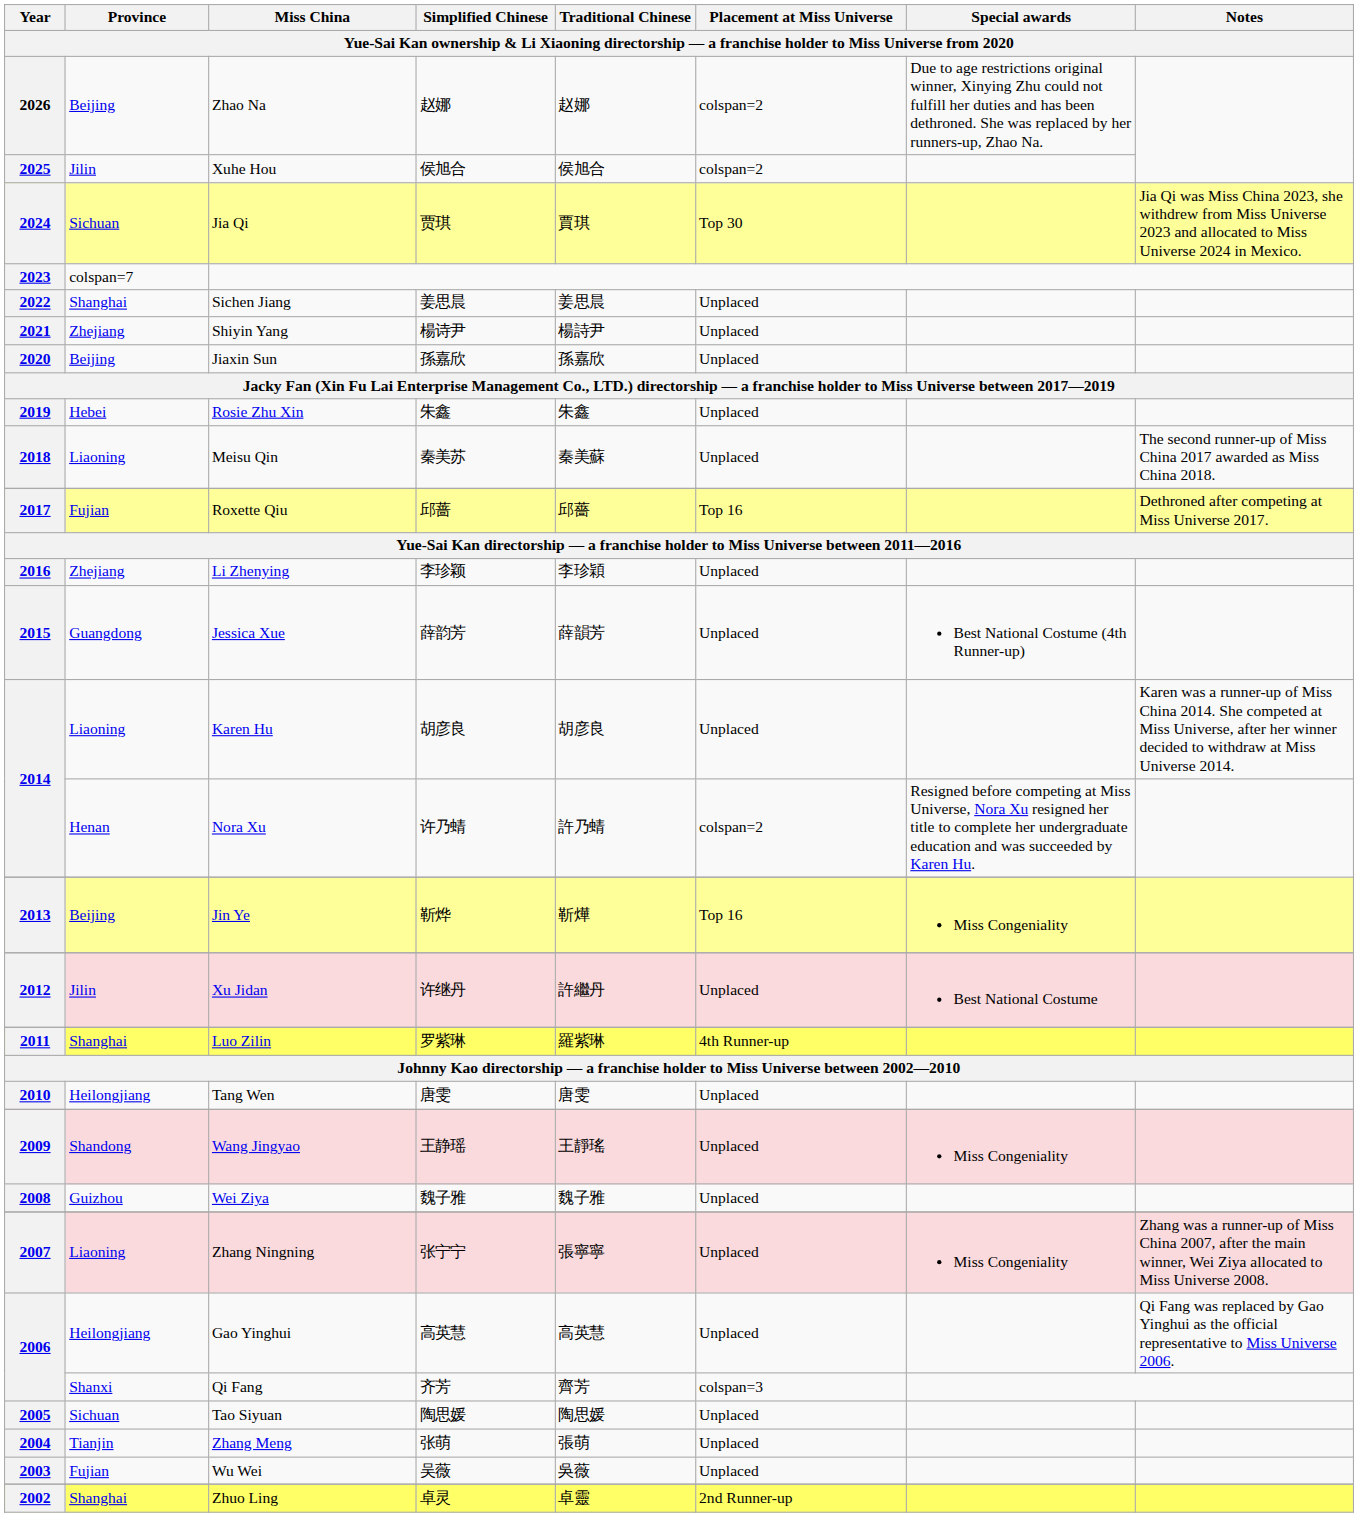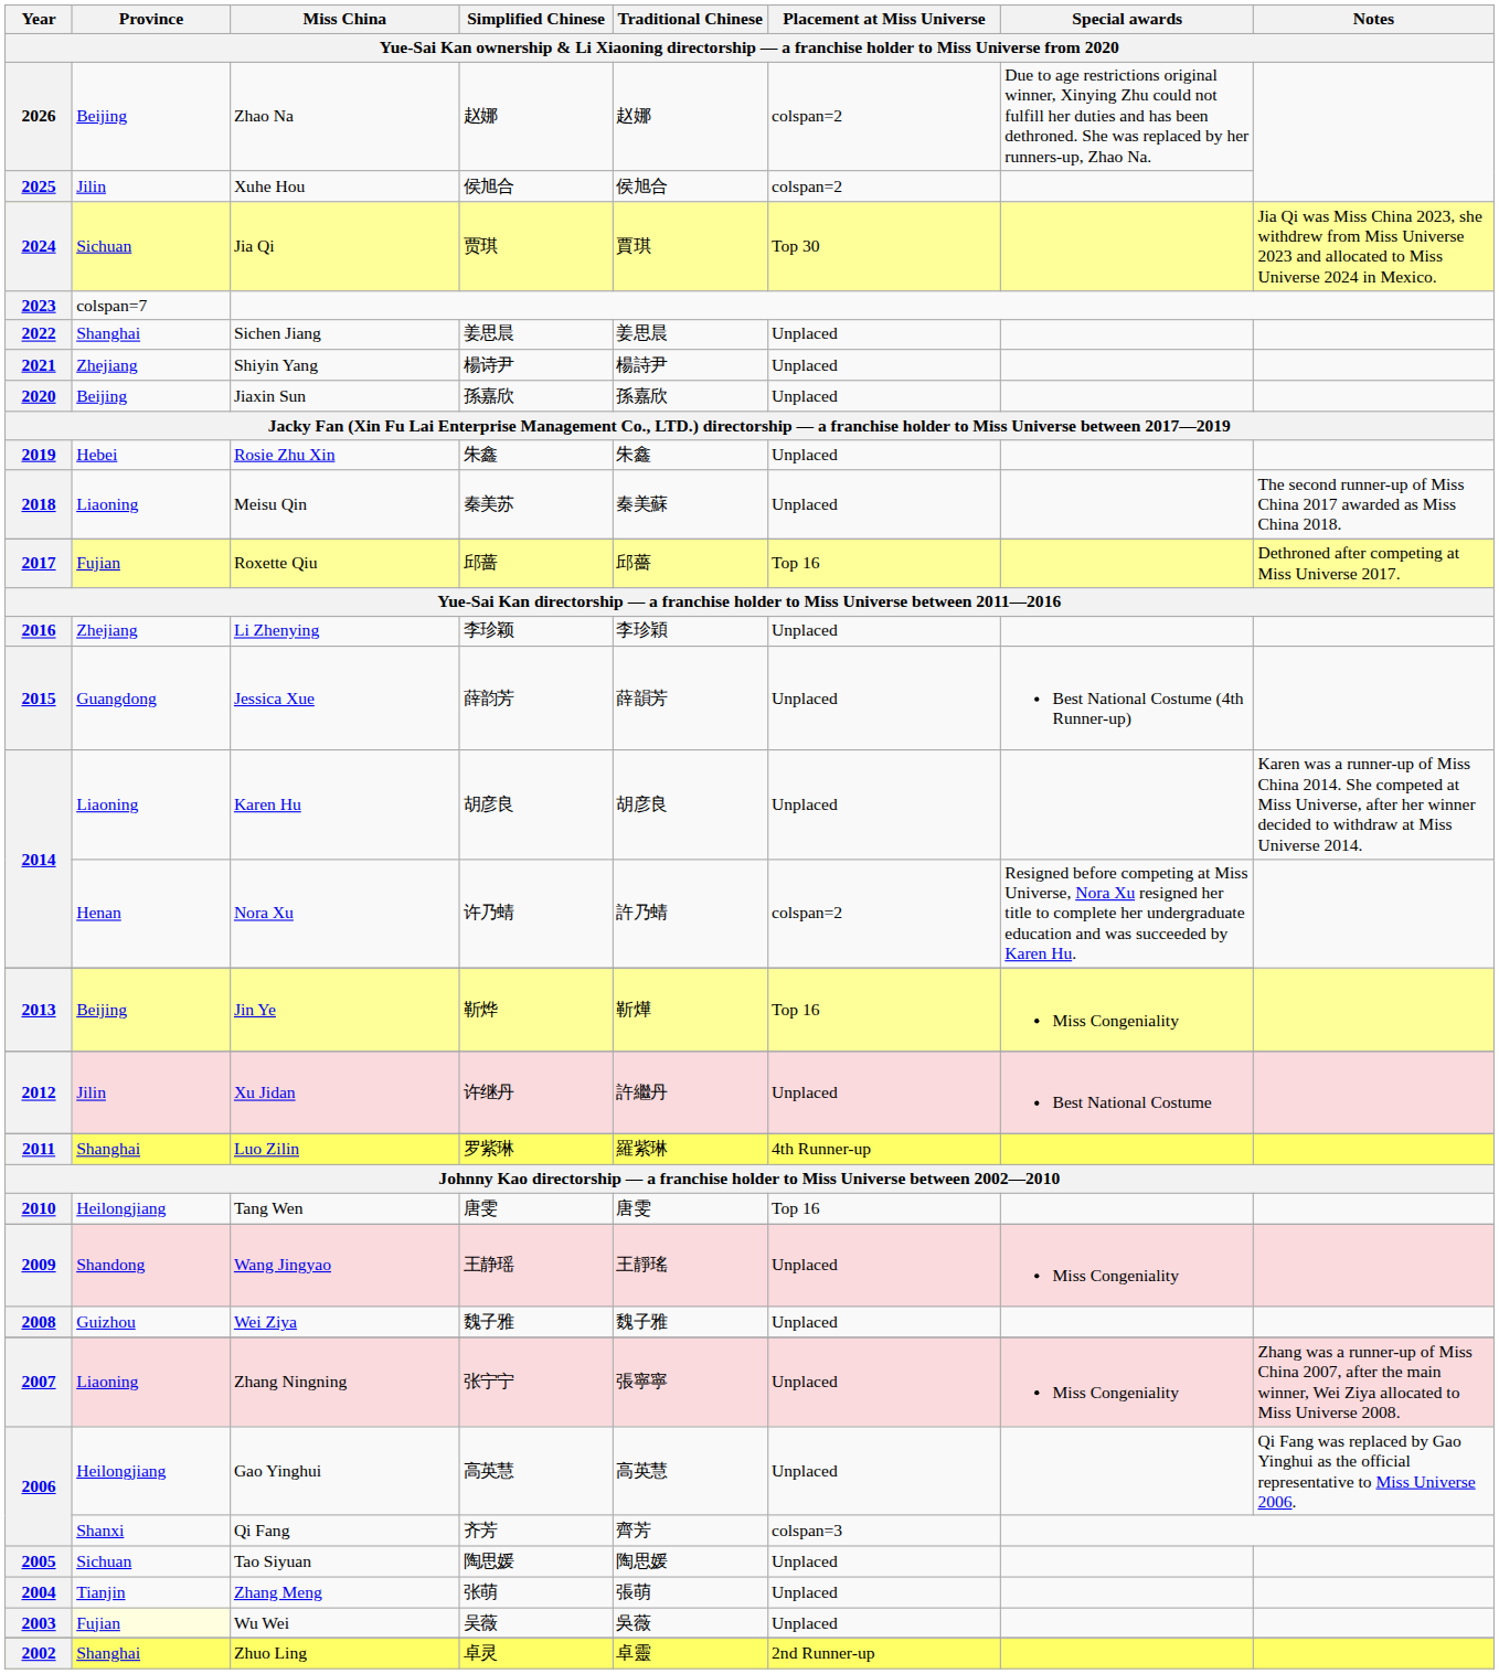 <table class="wikitable " style="font-size: 90%;">
 <tr>
 <th width="60">Year</th>
 <th width="150">Province</th>
 <th width="250">Miss China</th>
 <th width="150">Simplified Chinese</th>
 <th width="150">Traditional Chinese</th>
 <th width="250">Placement at Miss Universe</th>
 <th width="250">Special awards</th>
 <th width="250">Notes</th>
 </tr>
 <tr>
 <th colspan="8">Yue-Sai Kan ownership & Li Xiaoning directorship — a franchise holder to Miss Universe from 2020</th>
 </tr>
 <tr>
 <th>2026</th>
 <td><a href='#'>Beijing</a></td>
 <td>Zhao Na</td>
 <td>赵娜</td>
 <td>赵娜</td>
 <td>colspan=2 </td>
 <td>Due to age restrictions original winner, Xinying Zhu could not fulfill her duties and has been dethroned. She was replaced by her runners-up, Zhao Na.</td>
 </tr>
 <tr>
 <th><a href='#'>2025</a></th>
 <td><a href='#'>Jilin</a></td>
 <td>Xuhe Hou</td>
 <td>侯旭合</td>
 <td>侯旭合</td>
 <td>colspan=2 </td>
 <td></td>
 </tr>
 <tr style="background-color:#FFFF99; ">
 <th><a href='#'>2024</a></th>
 <td><a href='#'>Sichuan</a></td>
 <td>Jia Qi</td>
 <td>贾琪</td>
 <td>賈琪</td>
 <td>Top 30</td>
 <td></td>
 <td>Jia Qi was Miss China 2023, she withdrew from Miss Universe 2023 and allocated to Miss Universe 2024 in Mexico.</td>
 </tr>
 <tr>
 <th><a href='#'>2023</a></th>
 <td>colspan=7 </td>
 </tr>
 <tr>
 <th><a href='#'>2022</a></th>
 <td><a href='#'>Shanghai</a></td>
 <td>Sichen Jiang </td>
 <td>姜思晨</td>
 <td>姜思晨</td>
 <td>Unplaced</td>
 <td></td>
 <td></td>
 </tr>
 <tr>
 <th><a href='#'>2021</a></th>
 <td><a href='#'>Zhejiang</a></td>
 <td>Shiyin Yang</td>
 <td>楊诗尹</td>
 <td>楊詩尹</td>
 <td>Unplaced</td>
 <td></td>
 <td></td>
 </tr>
 <tr>
 <th><a href='#'>2020</a></th>
 <td><a href='#'>Beijing</a></td>
 <td>Jiaxin Sun</td>
 <td>孫嘉欣</td>
 <td>孫嘉欣</td>
 <td>Unplaced</td>
 <td></td>
 <td></td>
 </tr>
 <tr>
 <th colspan="8">Jacky Fan (Xin Fu Lai Enterprise Management Co., LTD.) directorship — a franchise holder to Miss Universe between 2017―2019</th>
 </tr>
 <tr>
 <th><a href='#'>2019</a></th>
 <td><a href='#'>Hebei</a></td>
 <td><a href='#'>Rosie Zhu Xin</a></td>
 <td>朱鑫</td>
 <td>朱鑫</td>
 <td>Unplaced</td>
 <td></td>
 <td></td>
 </tr>
 <tr>
 <th><a href='#'>2018</a></th>
 <td><a href='#'>Liaoning</a></td>
 <td>Meisu Qin</td>
 <td>秦美苏</td>
 <td>秦美蘇</td>
 <td>Unplaced</td>
 <td></td>
 <td>The second runner-up of Miss China 2017 awarded as Miss China 2018.</td>
 </tr>
 <tr>
 </tr>
 <tr style="background-color:#FFFF99; ">
 <th><a href='#'>2017</a></th>
 <td><a href='#'>Fujian</a></td>
 <td>Roxette Qiu</td>
 <td>邱蔷</td>
 <td>邱薔</td>
 <td>Top 16</td>
 <td></td>
 <td>Dethroned after competing at Miss Universe 2017.</td>
 </tr>
 <tr>
 <th colspan="8">Yue-Sai Kan directorship — a franchise holder to Miss Universe between 2011―2016</th>
 </tr>
 <tr>
 <th><a href='#'>2016</a></th>
 <td><a href='#'>Zhejiang</a></td>
 <td><a href='#'>Li Zhenying</a></td>
 <td>李珍颖</td>
 <td>李珍穎</td>
 <td>Unplaced</td>
 <td></td>
 <td></td>
 </tr>
 <tr>
 <th><a href='#'>2015</a></th>
 <td><a href='#'>Guangdong</a></td>
 <td><a href='#'>Jessica Xue</a></td>
 <td>薛韵芳</td>
 <td>薛韻芳</td>
 <td>Unplaced</td>
 <td><br><ul><li>Best National Costume (4th Runner-up)</li></ul></td>
 <td></td>
 </tr>
 <tr>
 <th rowspan="2"><a href='#'>2014</a></th>
 <td><a href='#'>Liaoning</a></td>
 <td><a href='#'>Karen Hu</a></td>
 <td>胡彦良</td>
 <td>胡彦良</td>
 <td>Unplaced</td>
 <td></td>
 <td>Karen was a runner-up of Miss China 2014. She competed at Miss Universe, after her winner decided to withdraw at Miss Universe 2014.</td>
 </tr>
 <tr>
 <td><a href='#'>Henan</a></td>
 <td><a href='#'>Nora Xu</a></td>
 <td>许乃蜻</td>
 <td>許乃蜻</td>
 <td>colspan=2 </td>
 <td>Resigned before competing at Miss Universe, <a href='#'>Nora Xu</a> resigned her title to complete her undergraduate education and was succeeded by <a href='#'>Karen Hu</a>.</td>
 </tr>
 <tr>
 </tr>
 <tr style="background-color:#FFFF99; ">
 <th><a href='#'>2013</a></th>
 <td><a href='#'>Beijing</a></td>
 <td><a href='#'>Jin Ye</a></td>
 <td>靳烨</td>
 <td>靳燁</td>
 <td>Top 16</td>
 <td><br><ul><li>Miss Congeniality</li></ul></td>
 <td></td>
 </tr>
 <tr>
 </tr>
 <tr style="background-color:#FADADD; ">
 <th><a href='#'>2012</a></th>
 <td><a href='#'>Jilin</a></td>
 <td><a href='#'>Xu Jidan</a></td>
 <td>许继丹</td>
 <td>許繼丹</td>
 <td>Unplaced</td>
 <td><br><ul><li>Best National Costume</li></ul></td>
 <td></td>
 </tr>
 <tr>
 </tr>
 <tr style="background-color:#FFFF66; ">
 <th><a href='#'>2011</a></th>
 <td><a href='#'>Shanghai</a></td>
 <td><a href='#'>Luo Zilin</a></td>
 <td>罗紫琳</td>
 <td>羅紫琳</td>
 <td>4th Runner-up</td>
 <td></td>
 <td></td>
 </tr>
 <tr>
 <th colspan="8">Johnny Kao directorship — a franchise holder to Miss Universe between 2002―2010</th>
 </tr>
 <tr>
 <th><a href='#'>2010</a></th>
 <td><a href='#'>Heilongjiang</a></td>
 <td>Tang Wen</td>
 <td>唐雯</td>
 <td>唐雯</td>
-<td>Unplaced</td>
+<td>Top 16</td>
 <td></td>
 <td></td>
 </tr>
 <tr>
 </tr>
 <tr style="background-color:#FADADD; ">
 <th><a href='#'>2009</a></th>
 <td><a href='#'>Shandong</a></td>
 <td><a href='#'>Wang Jingyao</a></td>
 <td>王静瑶</td>
 <td>王靜瑤</td>
 <td>Unplaced</td>
 <td><br><ul><li>Miss Congeniality</li></ul></td>
 <td></td>
 </tr>
 <tr>
 <th><a href='#'>2008</a></th>
 <td><a href='#'>Guizhou</a></td>
 <td><a href='#'>Wei Ziya</a></td>
 <td>魏子雅</td>
 <td>魏子雅</td>
 <td>Unplaced</td>
 <td></td>
 <td></td>
 </tr>
 <tr>
 </tr>
 <tr style="background-color:#FADADD; ">
 <th><a href='#'>2007</a></th>
 <td><a href='#'>Liaoning</a></td>
 <td>Zhang Ningning</td>
 <td>张宁宁</td>
 <td>張寧寧</td>
 <td>Unplaced</td>
 <td><br><ul><li>Miss Congeniality</li></ul></td>
 <td>Zhang was a runner-up of Miss China 2007, after the main winner, Wei Ziya allocated to Miss Universe 2008.</td>
 </tr>
 <tr>
 <th rowspan="2"><a href='#'>2006</a></th>
 <td><a href='#'>Heilongjiang</a></td>
 <td>Gao Yinghui</td>
 <td>高英慧</td>
 <td>高英慧</td>
 <td>Unplaced</td>
 <td></td>
 <td>Qi Fang was replaced by Gao Yinghui as the official representative to <a href='#'>Miss Universe 2006</a>.</td>
 </tr>
 <tr>
 <td><a href='#'>Shanxi</a></td>
 <td>Qi Fang</td>
 <td>齐芳</td>
 <td>齊芳</td>
 <td>colspan=3 </td>
 </tr>
 <tr>
 <th><a href='#'>2005</a></th>
 <td><a href='#'>Sichuan</a></td>
 <td>Tao Siyuan</td>
 <td>陶思媛</td>
 <td>陶思媛</td>
 <td>Unplaced</td>
 <td></td>
 <td></td>
 </tr>
 <tr>
 <th><a href='#'>2004</a></th>
 <td><a href='#'>Tianjin</a></td>
 <td><a href='#'>Zhang Meng</a></td>
 <td>张萌</td>
 <td>張萌</td>
 <td>Unplaced</td>
 <td></td>
 <td></td>
 </tr>
 <tr>
 <th><a href='#'>2003</a></th>
-<td><a href='#'>Fujian</a></td>
+<td style="background: lightyellow;"><a href='#'>Fujian</a></td>
 <td>Wu Wei</td>
 <td>吴薇</td>
 <td>吳薇</td>
 <td>Unplaced</td>
 <td></td>
 <td></td>
 </tr>
 <tr>
 </tr>
 <tr style="background-color:#FFFF66; ">
 <th><a href='#'>2002</a></th>
 <td><a href='#'>Shanghai</a></td>
 <td>Zhuo Ling</td>
 <td>卓灵</td>
 <td>卓靈</td>
 <td>2nd Runner-up</td>
 <td></td>
 <td></td>
 </tr>
 </table>
